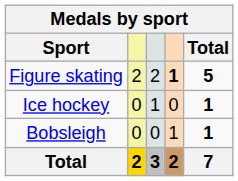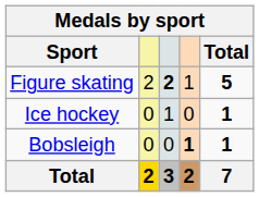 <table class=wikitable style=font-size:85%;float:right;text-align:center>
 <tr>
 <th colspan=5>Medals by sport</th>
 </tr>
 <tr>
 <th>Sport</th>
 <td bgcolor=F7F6A8></td>
 <td bgcolor=DCE5E5></td>
 <td bgcolor=FFDAB9></td>
 <th>Total</th>
 </tr>
 <tr>
 <td><a href='#'>Figure skating</a></td>
 <td bgcolor=F7F6A8>2</td>
-<td bgcolor=DCE5E5>2</td>
-<td bgcolor=FFDAB9><strong>1</strong></td>
+<td bgcolor=DCE5E5><strong>2</strong></td>
+<td bgcolor=FFDAB9>1</td>
 <td><strong>5</strong></td>
 </tr>
 <tr>
 <td><a href='#'>Ice hockey</a></td>
 <td bgcolor=F7F6A8>0</td>
 <td bgcolor=DCE5E5>1</td>
 <td bgcolor=FFDAB9>0</td>
 <td><strong>1</strong></td>
 </tr>
 <tr>
 <td><a href='#'>Bobsleigh</a></td>
 <td bgcolor=F7F6A8>0</td>
 <td bgcolor=DCE5E5>0</td>
-<td bgcolor=FFDAB9>1</td>
+<td bgcolor=FFDAB9><strong>1</strong></td>
 <td><strong>1</strong></td>
 </tr>
 <tr>
 <th>Total</th>
 <th style=background:gold>2</th>
 <th style=background:silver>3</th>
 <th style=background:#c96>2</th>
 <th>7</th>
 </tr>
 </table>
